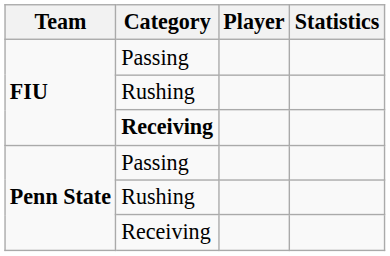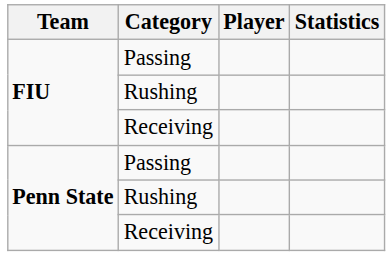 <table class="wikitable" style="float: right;">
 <tr>
 <th>Team</th>
 <th>Category</th>
 <th>Player</th>
 <th>Statistics</th>
 </tr>
 <tr>
 <td rowspan=3><strong>FIU</strong></td>
 <td>Passing</td>
 <td></td>
 <td></td>
 </tr>
 <tr>
 <td>Rushing</td>
 <td></td>
 <td></td>
 </tr>
 <tr>
-<td><strong>Receiving</strong></td>
+<td>Receiving</td>
 <td></td>
 <td></td>
 </tr>
 <tr>
 <td rowspan=3><strong>Penn State</strong></td>
 <td>Passing</td>
 <td></td>
 <td></td>
 </tr>
 <tr>
 <td>Rushing</td>
 <td></td>
 <td></td>
 </tr>
 <tr>
 <td>Receiving</td>
 <td></td>
 <td></td>
 </tr>
 </table>
